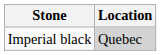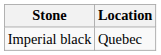 <table class="wikitable">
 <tr>
 <th>Stone</th>
 <th>Location</th>
 </tr>
 <tr>
 <td>Imperial black</td>
-<td style="background: lightgrey;">Quebec</td>
+<td>Quebec</td>
 </tr>
 </table>
